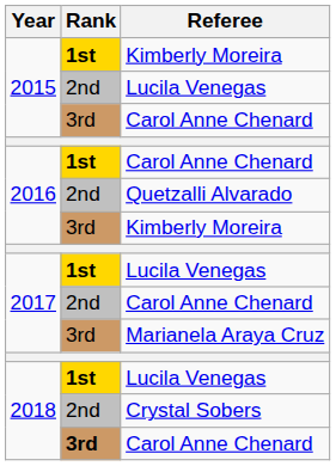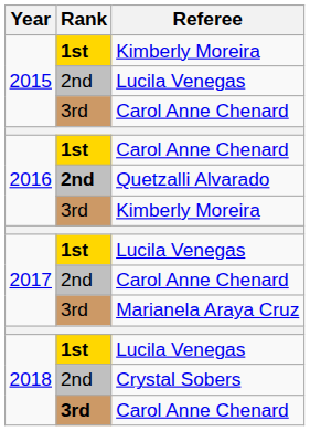 <table class="wikitable">
 <tr>
 <th scope="col">Year</th>
 <th scope="col">Rank</th>
 <th scope="col">Referee</th>
 </tr>
 <tr>
 <td rowspan="3"><a href='#'>2015</a></td>
 <td scope=col style="background-color: gold"><strong>1st</strong></td>
 <td> <a href='#'>Kimberly Moreira</a></td>
 </tr>
 <tr>
 <td scope=col style="background-color: silver">2nd</td>
 <td> <a href='#'>Lucila Venegas</a></td>
 </tr>
 <tr>
 <td scope=col style="background-color: #cc9966">3rd</td>
 <td> <a href='#'>Carol Anne Chenard</a></td>
 </tr>
 <tr>
 <th colspan="4"></th>
 </tr>
 <tr>
 <td rowspan="3"><a href='#'>2016</a></td>
 <td scope=col style="background-color: gold"><strong>1st</strong></td>
 <td> <a href='#'>Carol Anne Chenard</a></td>
 </tr>
 <tr>
-<td scope=col style="background-color: silver">2nd</td>
+<td scope=col style="background-color: silver"><strong>2nd</strong></td>
 <td> <a href='#'>Quetzalli Alvarado</a></td>
 </tr>
 <tr>
 <td scope=col style="background-color: #cc9966">3rd</td>
 <td> <a href='#'>Kimberly Moreira</a></td>
 </tr>
 <tr>
 <th colspan="4"></th>
 </tr>
 <tr>
 <td rowspan="3"><a href='#'>2017</a></td>
 <td scope=col style="background-color: gold"><strong>1st</strong></td>
 <td> <a href='#'>Lucila Venegas</a></td>
 </tr>
 <tr>
 <td scope=col style="background-color: silver">2nd</td>
 <td> <a href='#'>Carol Anne Chenard</a></td>
 </tr>
 <tr>
 <td scope=col style="background-color: #cc9966">3rd</td>
 <td> <a href='#'>Marianela Araya Cruz</a></td>
 </tr>
 <tr>
 <th colspan="4"></th>
 </tr>
 <tr>
 <td rowspan="3"><a href='#'>2018</a></td>
 <td scope=col style="background-color: gold"><strong>1st</strong></td>
 <td> <a href='#'>Lucila Venegas</a></td>
 </tr>
 <tr>
 <td scope=col style="background-color: silver">2nd</td>
 <td> <a href='#'>Crystal Sobers</a></td>
 </tr>
 <tr>
 <td scope=col style="background-color: #cc9966"><strong>3rd</strong></td>
 <td> <a href='#'>Carol Anne Chenard</a></td>
 </tr>
 </table>
